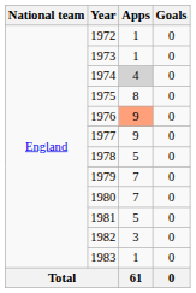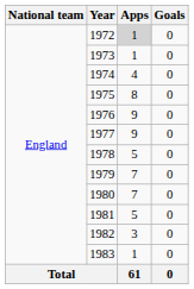 <table class="wikitable" style="text-align: center;">
 <tr>
 <th>National team</th>
 <th>Year</th>
 <th>Apps</th>
 <th>Goals</th>
 </tr>
 <tr>
 <td rowspan="12"><a href='#'>England</a></td>
 <td>1972</td>
-<td>1</td>
+<td style="background: lightgrey;">1</td>
 <td>0</td>
 </tr>
 <tr>
 <td>1973</td>
 <td>1</td>
 <td>0</td>
 </tr>
 <tr>
 <td>1974</td>
-<td style="background: lightgrey;">4</td>
+<td>4</td>
 <td>0</td>
 </tr>
 <tr>
 <td>1975</td>
 <td>8</td>
 <td>0</td>
 </tr>
 <tr>
 <td>1976</td>
-<td style="background: lightsalmon;">9</td>
+<td>9</td>
 <td>0</td>
 </tr>
 <tr>
 <td>1977</td>
 <td>9</td>
 <td>0</td>
 </tr>
 <tr>
 <td>1978</td>
 <td>5</td>
 <td>0</td>
 </tr>
 <tr>
 <td>1979</td>
 <td>7</td>
 <td>0</td>
 </tr>
 <tr>
 <td>1980</td>
 <td>7</td>
 <td>0</td>
 </tr>
 <tr>
 <td>1981</td>
 <td>5</td>
 <td>0</td>
 </tr>
 <tr>
 <td>1982</td>
 <td>3</td>
 <td>0</td>
 </tr>
 <tr>
 <td>1983</td>
 <td>1</td>
 <td>0</td>
 </tr>
 <tr>
 <th colspan="2">Total</th>
 <th>61</th>
 <th>0</th>
 </tr>
 </table>
